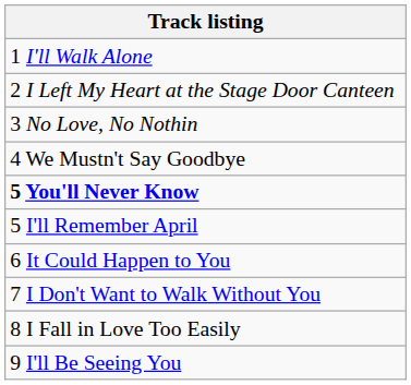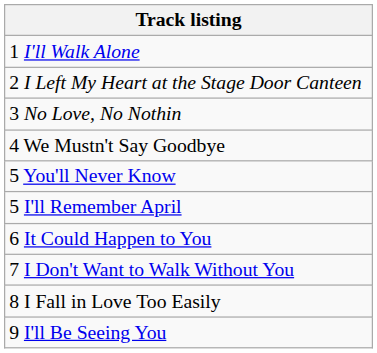 <table class="wikitable collapsible collapsed" style="width:300px;">
 <tr>
 <th>Track listing</th>
 </tr>
 <tr>
 <td>1  <em><a href='#'>I'll Walk Alone</a></em></td>
 </tr>
 <tr>
 <td>2  <em>I Left My Heart at the Stage Door Canteen</em></td>
 </tr>
 <tr>
 <td>3 <em>No Love, No Nothin<strong></td>
 </tr>
 <tr>
 <td>4 </em>We Mustn't Say Goodbye<em></td>
 </tr>
 <tr>
-<td><strong>5 </em><a href='#'>You'll Never Know</a><em></strong></td>
+<td>5 </em><a href='#'>You'll Never Know</a><em></td>
 </tr>
 <tr>
 <td>5 </em><a href='#'>I'll Remember April</a><em></td>
 </tr>
 <tr>
 <td>6 </em><a href='#'>It Could Happen to You</a><em></td>
 </tr>
 <tr>
 <td>7  </em><a href='#'>I Don't Want to Walk Without You</a><em></td>
 </tr>
 <tr>
 <td>8 </em>I Fall in Love Too Easily<em></td>
 </tr>
 <tr>
 <td>9 </em><a href='#'>I'll Be Seeing You</a><em></td>
 </tr>
 </table>
